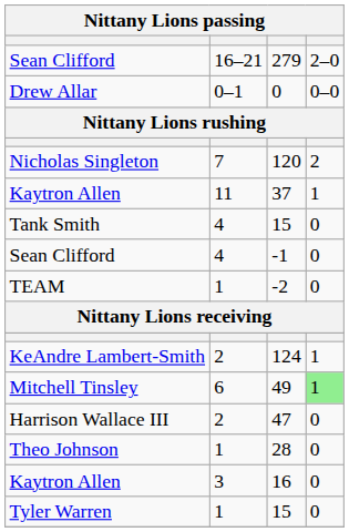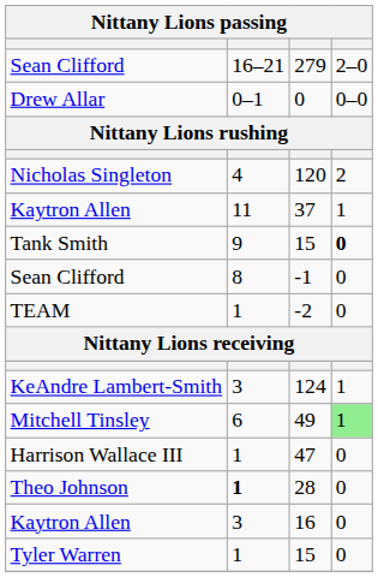 <table class="wikitable plainrowheaders">
 <tr>
 <th colspan="6">Nittany Lions passing</th>
 </tr>
 <tr>
 <th scope="col"></th>
 <th scope="col"></th>
 <th scope="col"></th>
 <th scope="col"></th>
 </tr>
 <tr>
 <td><a href='#'>Sean Clifford</a></td>
 <td>16–21</td>
 <td>279</td>
 <td>2–0</td>
 </tr>
 <tr>
 <td><a href='#'>Drew Allar</a></td>
 <td>0–1</td>
 <td>0</td>
 <td>0–0</td>
 </tr>
 <tr>
 <th colspan="6">Nittany Lions rushing</th>
 </tr>
 <tr>
 <th scope="col"></th>
 <th scope="col"></th>
 <th scope="col"></th>
 <th scope="col"></th>
 </tr>
 <tr>
 <td><a href='#'>Nicholas Singleton</a></td>
-<td>7</td>
+<td>4</td>
 <td>120</td>
 <td>2</td>
 </tr>
 <tr>
 <td><a href='#'>Kaytron Allen</a></td>
 <td>11</td>
 <td>37</td>
 <td>1</td>
 </tr>
 <tr>
 <td>Tank Smith</td>
-<td>4</td>
+<td>9</td>
 <td>15</td>
-<td>0</td>
+<td><strong>0</strong></td>
 </tr>
 <tr>
 <td>Sean Clifford</td>
-<td>4</td>
+<td>8</td>
 <td>-1</td>
 <td>0</td>
 </tr>
 <tr>
 <td>TEAM</td>
 <td>1</td>
 <td>-2</td>
 <td>0</td>
 </tr>
 <tr>
 <th colspan="6">Nittany Lions receiving</th>
 </tr>
 <tr>
 </tr>
 <tr>
 <th scope="col"></th>
 <th scope="col"></th>
 <th scope="col"></th>
 <th scope="col"></th>
 </tr>
 <tr>
 <td><a href='#'>KeAndre Lambert-Smith</a></td>
-<td>2</td>
+<td>3</td>
 <td>124</td>
 <td>1</td>
 </tr>
 <tr>
 <td><a href='#'>Mitchell Tinsley</a></td>
 <td>6</td>
 <td>49</td>
 <td style="background: lightgreen;">1</td>
 </tr>
 <tr>
 <td>Harrison Wallace III</td>
-<td>2</td>
+<td>1</td>
 <td>47</td>
 <td>0</td>
 </tr>
 <tr>
 <td><a href='#'>Theo Johnson</a></td>
-<td>1</td>
+<td><strong>1</strong></td>
 <td>28</td>
 <td>0</td>
 </tr>
 <tr>
 <td><a href='#'>Kaytron Allen</a></td>
 <td>3</td>
 <td>16</td>
 <td>0</td>
 </tr>
 <tr>
 <td><a href='#'>Tyler Warren</a></td>
 <td>1</td>
 <td>15</td>
 <td>0</td>
 </tr>
 <tr>
 </tr>
 </table>
